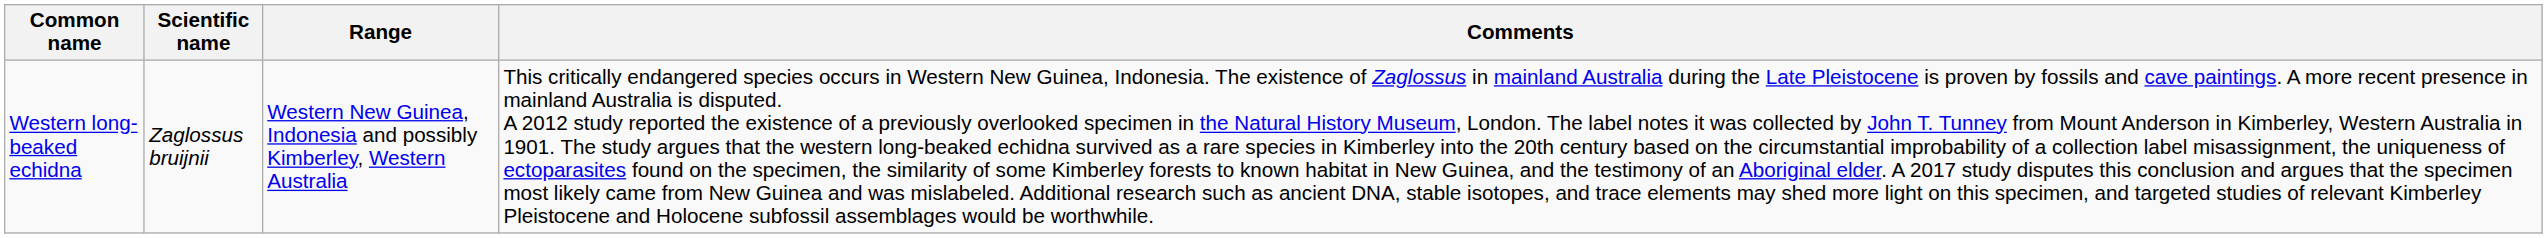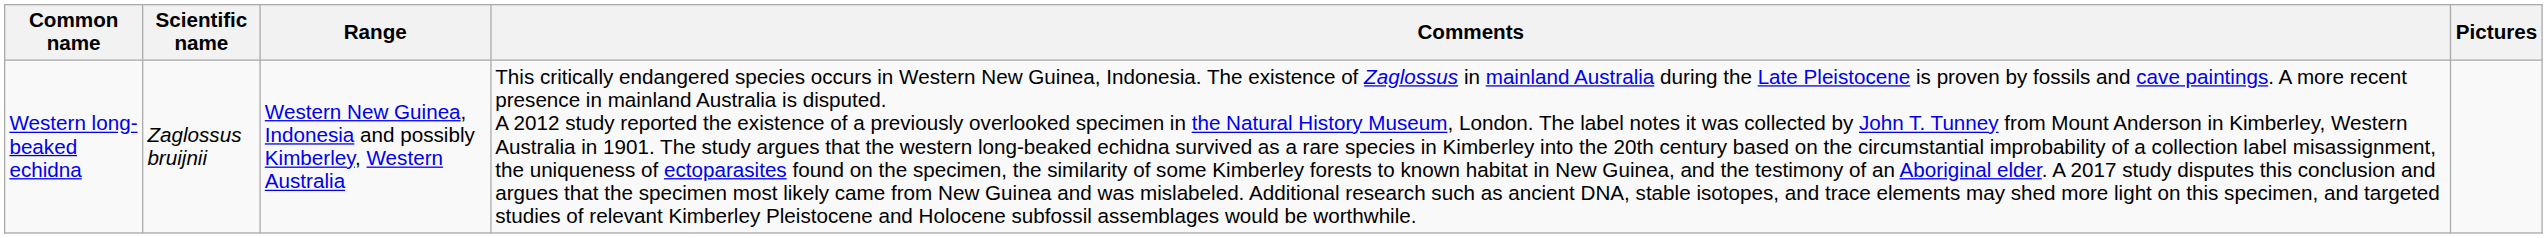 <table class="wikitable">
 <tr>
 <th>Common name</th>
 <th>Scientific name</th>
 <th>Range</th>
 <th class="unsortable">Comments</th>
+<th class="unsortable">Pictures</th>
 </tr>
 <tr>
 <td><a href='#'>Western long-beaked echidna</a></td>
 <td><em>Zaglossus bruijnii</em></td>
 <td><a href='#'>Western New Guinea</a>, <a href='#'>Indonesia</a> and possibly <a href='#'>Kimberley</a>, <a href='#'>Western Australia</a></td>
 <td>This critically endangered species occurs in Western New Guinea, Indonesia. The existence of <em><a href='#'>Zaglossus</a></em> in <a href='#'>mainland Australia</a> during the <a href='#'>Late Pleistocene</a> is proven by fossils and <a href='#'>cave paintings</a>. A more recent presence in mainland Australia is disputed.<br>A 2012 study reported the existence of a previously overlooked specimen in <a href='#'>the Natural History Museum</a>, London. The label notes it was collected by <a href='#'>John T. Tunney</a> from Mount Anderson in Kimberley, Western Australia in 1901. The study argues that the western long-beaked echidna survived as a rare species in Kimberley into the 20th century based on the circumstantial improbability of a collection label misassignment, the uniqueness of <a href='#'>ectoparasites</a> found on the specimen, the similarity of some Kimberley forests to known habitat in New Guinea, and the testimony of an <a href='#'>Aboriginal elder</a>. A 2017 study disputes this conclusion and argues that the specimen most likely came from New Guinea and was mislabeled. Additional research such as ancient DNA, stable isotopes, and trace elements may shed more light on this specimen, and targeted studies of relevant Kimberley Pleistocene and Holocene subfossil assemblages would be worthwhile.</td>
+<td></td>
 </tr>
 </table>
